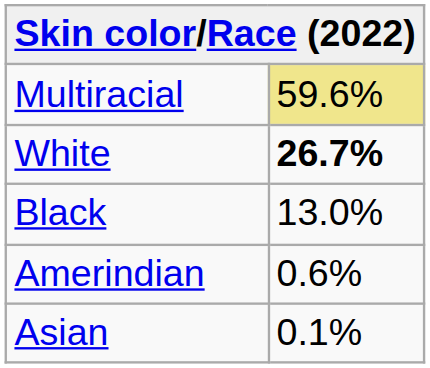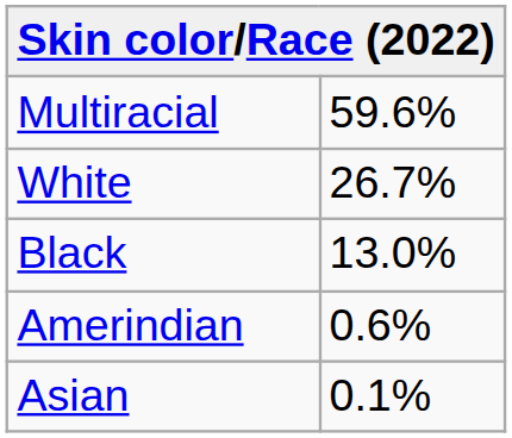 <table class="wikitable" align="centre" cellspacing="0" style="margin-left: 1em">
 <tr>
 <th colspan="2" style="background:#f0f0f0;"><a href='#'>Skin color</a>/<a href='#'>Race</a> (2022)</th>
 </tr>
 <tr>
 <td><a href='#'>Multiracial</a></td>
-<td style="background: khaki;">59.6%</td>
+<td>59.6%</td>
 </tr>
 <tr>
 <td><a href='#'>White</a></td>
-<td><strong>26.7%</strong></td>
+<td>26.7%</td>
 </tr>
 <tr>
 <td><a href='#'>Black</a></td>
 <td>13.0%</td>
 </tr>
 <tr>
 <td><a href='#'>Amerindian</a></td>
 <td>0.6%</td>
 </tr>
 <tr>
 <td><a href='#'>Asian</a></td>
 <td>0.1%</td>
 </tr>
 </table>
